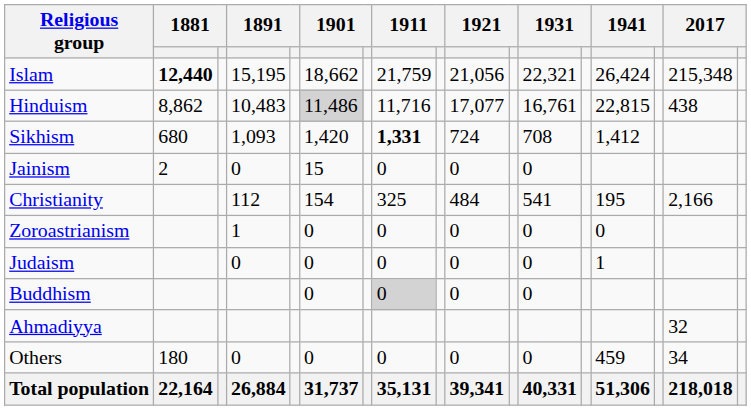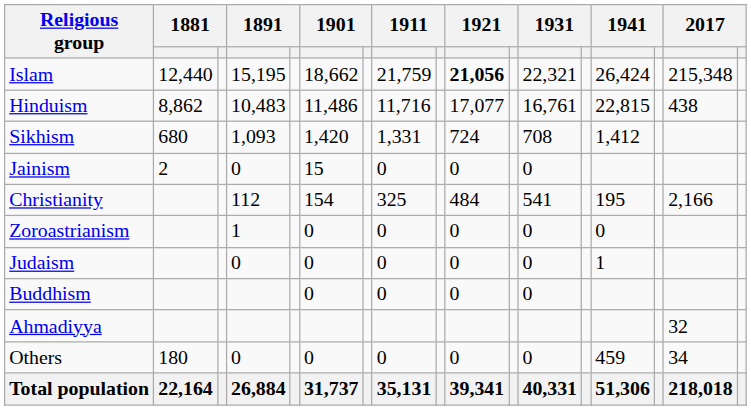 <table class="wikitable sortable">
 <tr>
 <th rowspan="2"><a href='#'>Religious</a><br>group</th>
 <th colspan="2">1881</th>
 <th colspan="2">1891</th>
 <th colspan="2">1901</th>
 <th colspan="2">1911</th>
 <th colspan="2">1921</th>
 <th colspan="2">1931</th>
 <th colspan="2">1941</th>
 <th colspan="2">2017</th>
 </tr>
 <tr>
 <th><a href='#'></a></th>
 <th></th>
 <th></th>
 <th></th>
 <th></th>
 <th></th>
 <th></th>
 <th></th>
 <th></th>
 <th></th>
 <th></th>
 <th></th>
 <th></th>
 <th></th>
 <th></th>
 <th></th>
 </tr>
 <tr>
 <td><a href='#'>Islam</a> </td>
-<td><strong>12,440</strong></td>
+<td>12,440</td>
 <td></td>
 <td>15,195</td>
 <td></td>
 <td>18,662</td>
 <td></td>
 <td>21,759</td>
 <td></td>
-<td>21,056</td>
+<td><strong>21,056</strong></td>
 <td></td>
 <td>22,321</td>
 <td></td>
 <td>26,424</td>
 <td></td>
 <td>215,348</td>
 <td></td>
 </tr>
 <tr>
 <td><a href='#'>Hinduism</a> </td>
 <td>8,862</td>
 <td></td>
 <td>10,483</td>
 <td></td>
-<td style="background: lightgrey;">11,486</td>
+<td>11,486</td>
 <td></td>
 <td>11,716</td>
 <td></td>
 <td>17,077</td>
 <td></td>
 <td>16,761</td>
 <td></td>
 <td>22,815</td>
 <td></td>
 <td>438</td>
 <td></td>
 </tr>
 <tr>
 <td><a href='#'>Sikhism</a> </td>
 <td>680</td>
 <td></td>
 <td>1,093</td>
 <td></td>
 <td>1,420</td>
 <td></td>
-<td><strong>1,331</strong></td>
+<td>1,331</td>
 <td></td>
 <td>724</td>
 <td></td>
 <td>708</td>
 <td></td>
 <td>1,412</td>
 <td></td>
 <td></td>
 <td></td>
 </tr>
 <tr>
 <td><a href='#'>Jainism</a> </td>
 <td>2</td>
 <td></td>
 <td>0</td>
 <td></td>
 <td>15</td>
 <td></td>
 <td>0</td>
 <td></td>
 <td>0</td>
 <td></td>
 <td>0</td>
 <td></td>
 <td></td>
 <td></td>
 <td></td>
 <td></td>
 </tr>
 <tr>
 <td><a href='#'>Christianity</a> </td>
 <td></td>
 <td></td>
 <td>112</td>
 <td></td>
 <td>154</td>
 <td></td>
 <td>325</td>
 <td></td>
 <td>484</td>
 <td></td>
 <td>541</td>
 <td></td>
 <td>195</td>
 <td></td>
 <td>2,166</td>
 <td></td>
 </tr>
 <tr>
 <td><a href='#'>Zoroastrianism</a> </td>
 <td></td>
 <td></td>
 <td>1</td>
 <td></td>
 <td>0</td>
 <td></td>
 <td>0</td>
 <td></td>
 <td>0</td>
 <td></td>
 <td>0</td>
 <td></td>
 <td>0</td>
 <td></td>
 <td></td>
 <td></td>
 </tr>
 <tr>
 <td><a href='#'>Judaism</a> </td>
 <td></td>
 <td></td>
 <td>0</td>
 <td></td>
 <td>0</td>
 <td></td>
 <td>0</td>
 <td></td>
 <td>0</td>
 <td></td>
 <td>0</td>
 <td></td>
 <td>1</td>
 <td></td>
 <td></td>
 <td></td>
 </tr>
 <tr>
 <td><a href='#'>Buddhism</a> </td>
 <td></td>
 <td></td>
 <td></td>
 <td></td>
 <td>0</td>
 <td></td>
-<td style="background: lightgrey;">0</td>
+<td>0</td>
 <td></td>
 <td>0</td>
 <td></td>
 <td>0</td>
 <td></td>
 <td></td>
 <td></td>
 <td></td>
 <td></td>
 </tr>
 <tr>
 <td><a href='#'>Ahmadiyya</a> </td>
 <td></td>
 <td></td>
 <td></td>
 <td></td>
 <td></td>
 <td></td>
 <td></td>
 <td></td>
 <td></td>
 <td></td>
 <td></td>
 <td></td>
 <td></td>
 <td></td>
 <td>32</td>
 <td></td>
 </tr>
 <tr>
 <td>Others</td>
 <td>180</td>
 <td></td>
 <td>0</td>
 <td></td>
 <td>0</td>
 <td></td>
 <td>0</td>
 <td></td>
 <td>0</td>
 <td></td>
 <td>0</td>
 <td></td>
 <td>459</td>
 <td></td>
 <td>34</td>
 <td></td>
 </tr>
 <tr>
 <th>Total population</th>
 <th>22,164</th>
 <th></th>
 <th>26,884</th>
 <th></th>
 <th>31,737</th>
 <th></th>
 <th>35,131</th>
 <th></th>
 <th>39,341</th>
 <th></th>
 <th>40,331</th>
 <th></th>
 <th>51,306</th>
 <th></th>
 <th>218,018</th>
 <th></th>
 </tr>
 </table>
